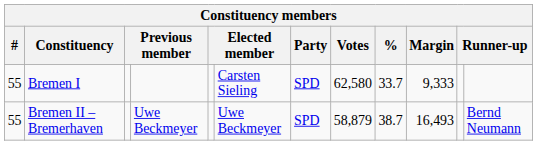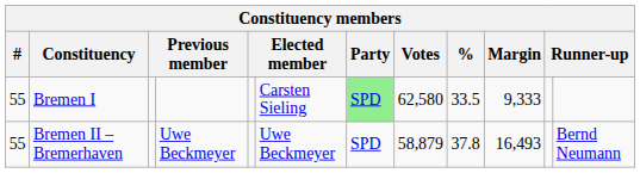 <table class="wikitable sortable" style="text-align:right">
 <tr>
 <th colspan="12">Constituency members</th>
 </tr>
 <tr>
 <th>#</th>
 <th>Constituency</th>
 <th colspan="2">Previous member</th>
 <th colspan="2">Elected member</th>
 <th>Party</th>
 <th>Votes</th>
 <th>%</th>
 <th>Margin</th>
 <th colspan="2">Runner-up</th>
 </tr>
 <tr>
 <td>55</td>
 <td align=left><a href='#'>Bremen I</a></td>
 <td bgcolor=></td>
 <td align=left></td>
 <td></td>
 <td align=left><a href='#'>Carsten Sieling</a></td>
-<td align=left><a href='#'>SPD</a></td>
+<td align=left style="background: lightgreen;"><a href='#'>SPD</a></td>
 <td>62,580</td>
-<td>33.7</td>
+<td>33.5</td>
 <td>9,333</td>
 <td bgcolor=></td>
 <td align=left></td>
 </tr>
 <tr>
 <td>55</td>
 <td align=left><a href='#'>Bremen II – Bremerhaven</a></td>
 <td bgcolor=></td>
 <td align=left><a href='#'>Uwe Beckmeyer</a></td>
 <td bgcolor=></td>
 <td align=left><a href='#'>Uwe Beckmeyer</a></td>
 <td align=left><a href='#'>SPD</a></td>
 <td>58,879</td>
-<td>38.7</td>
+<td>37.8</td>
 <td>16,493</td>
 <td bgcolor=></td>
 <td align=left><a href='#'>Bernd Neumann</a></td>
 </tr>
 </table>
